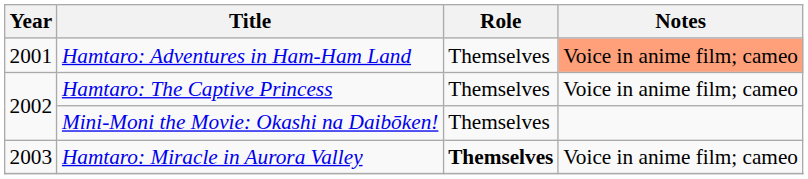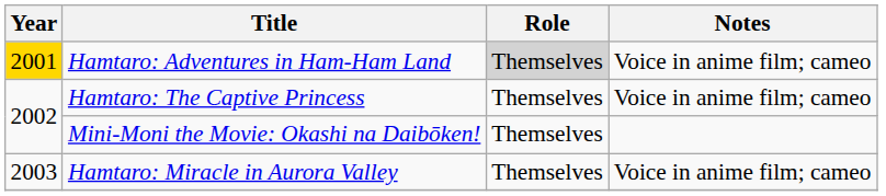 <table class="wikitable sortable">
 <tr>
 <th>Year</th>
 <th>Title</th>
 <th>Role</th>
 <th class="unsortable">Notes</th>
 </tr>
 <tr>
-<td>2001</td>
+<td style="background: gold;">2001</td>
 <td><em><a href='#'>Hamtaro: Adventures in Ham-Ham Land</a></em></td>
-<td>Themselves</td>
-<td style="background: lightsalmon;">Voice in anime film; cameo</td>
+<td style="background: lightgrey;">Themselves</td>
+<td>Voice in anime film; cameo</td>
 </tr>
 <tr>
 <td rowspan="2">2002</td>
 <td><em><a href='#'>Hamtaro: The Captive Princess</a></em></td>
 <td>Themselves</td>
 <td>Voice in anime film; cameo</td>
 </tr>
 <tr>
 <td><em><a href='#'>Mini-Moni the Movie: Okashi na Daibōken!</a></em></td>
 <td>Themselves</td>
 <td></td>
 </tr>
 <tr>
 <td>2003</td>
 <td><em><a href='#'>Hamtaro: Miracle in Aurora Valley</a></em></td>
-<td><strong>Themselves</strong></td>
+<td>Themselves</td>
 <td>Voice in anime film; cameo</td>
 </tr>
 <tr>
 </tr>
 <tr>
 </tr>
 </table>
